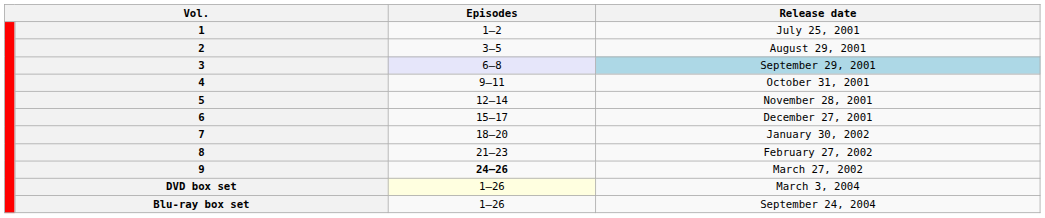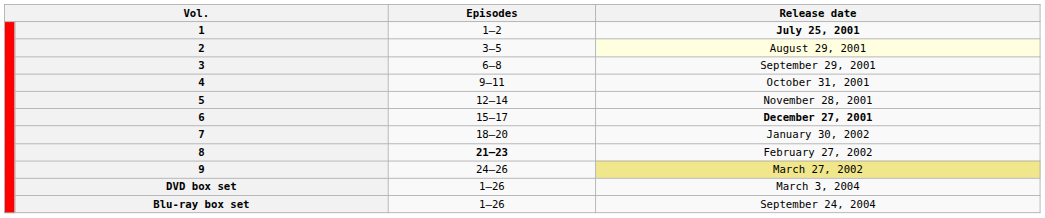 <table class="wikitable" style="text-align: center; width: 100%;">
 <tr>
 <th colspan="2" scope=col>Vol.</th>
 <th scope=col>Episodes</th>
 <th scope=col>Release date</th>
 </tr>
 <tr>
 <td rowspan="11" width="1%" style="background: #FF0000;"></td>
 <th scope=row>1</th>
 <td>1–2</td>
-<td>July 25, 2001</td>
+<td><strong>July 25, 2001</strong></td>
 </tr>
 <tr>
 <th scope=row>2</th>
 <td>3–5</td>
-<td>August 29, 2001</td>
+<td style="background: lightyellow;">August 29, 2001</td>
 </tr>
 <tr>
 <th scope=row>3</th>
-<td style="background: lavender;">6–8</td>
-<td style="background: lightblue;">September 29, 2001</td>
+<td>6–8</td>
+<td>September 29, 2001</td>
 </tr>
 <tr>
 <th scope=row>4</th>
 <td>9–11</td>
 <td>October 31, 2001</td>
 </tr>
 <tr>
 <th scope=row>5</th>
 <td>12–14</td>
 <td>November 28, 2001</td>
 </tr>
 <tr>
 <th scope=row>6</th>
 <td>15–17</td>
-<td>December 27, 2001</td>
+<td><strong>December 27, 2001</strong></td>
 </tr>
 <tr>
 <th scope=row>7</th>
 <td>18–20</td>
 <td>January 30, 2002</td>
 </tr>
 <tr>
 <th scope=row>8</th>
-<td>21–23</td>
+<td><strong>21–23</strong></td>
 <td>February 27, 2002</td>
 </tr>
 <tr>
 <th scope=row>9</th>
-<td><strong>24–26</strong></td>
-<td>March 27, 2002</td>
+<td>24–26</td>
+<td style="background: khaki;">March 27, 2002</td>
 </tr>
 <tr>
 <th scope=row>DVD box set</th>
-<td style="background: lightyellow;">1–26</td>
+<td>1–26</td>
 <td>March 3, 2004</td>
 </tr>
 <tr>
 <th scope=row>Blu-ray box set</th>
 <td>1–26</td>
 <td>September 24, 2004</td>
 </tr>
 </table>
